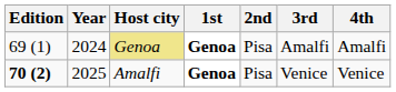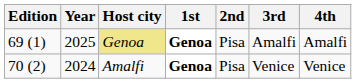 <table class="wikitable">
 <tr>
 <th>Edition</th>
 <th>Year</th>
 <th>Host city</th>
 <th>1st</th>
 <th>2nd</th>
 <th>3rd</th>
 <th>4th</th>
 </tr>
 <tr>
 <td>69 (1)</td>
-<td>2024</td>
+<td>2025</td>
 <td style="background: khaki;"><em>Genoa</em></td>
 <td bgcolor=white><span><strong>Genoa</strong></span></td>
 <td>Pisa</td>
 <td>Amalfi</td>
 <td>Amalfi</td>
 </tr>
 <tr>
-<td><strong>70 (2)</strong></td>
-<td>2025</td>
+<td>70 (2)</td>
+<td>2024</td>
 <td><em>Amalfi</em></td>
 <td bgcolor=white><span><strong>Genoa</strong></span></td>
 <td>Pisa</td>
 <td>Venice</td>
 <td>Venice</td>
 </tr>
 </table>
